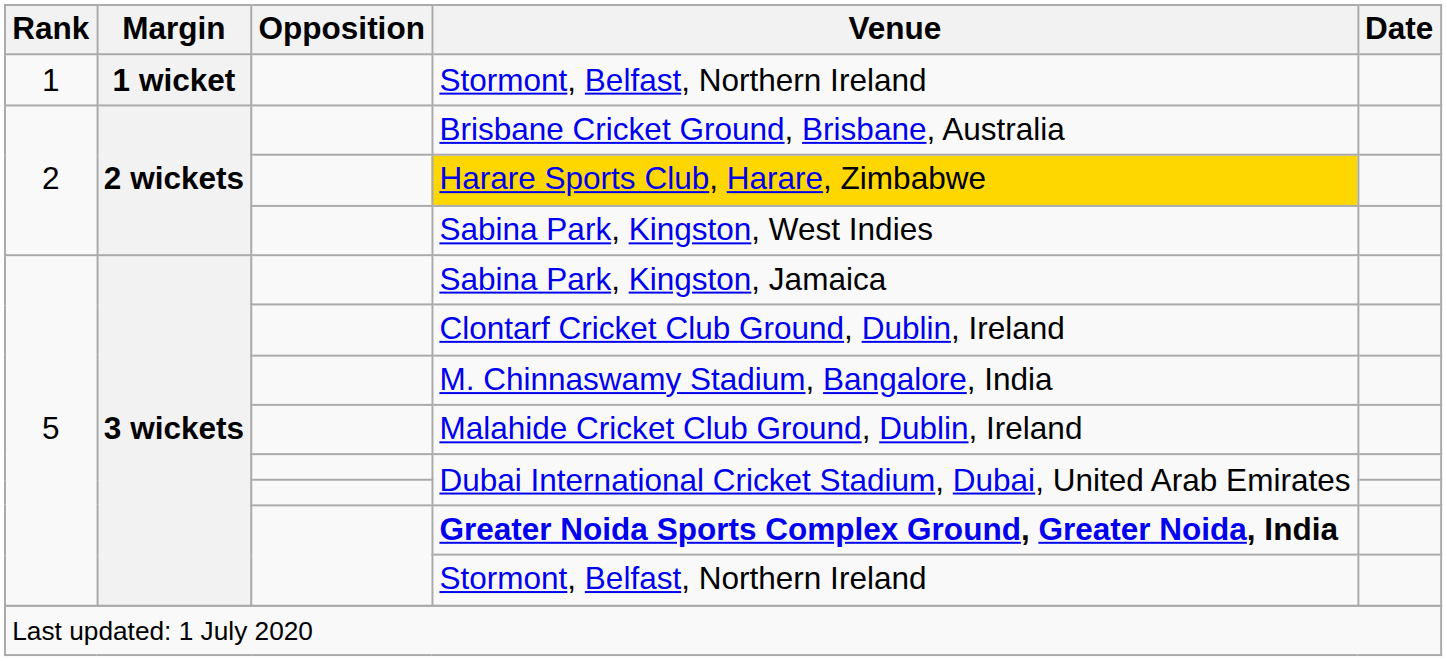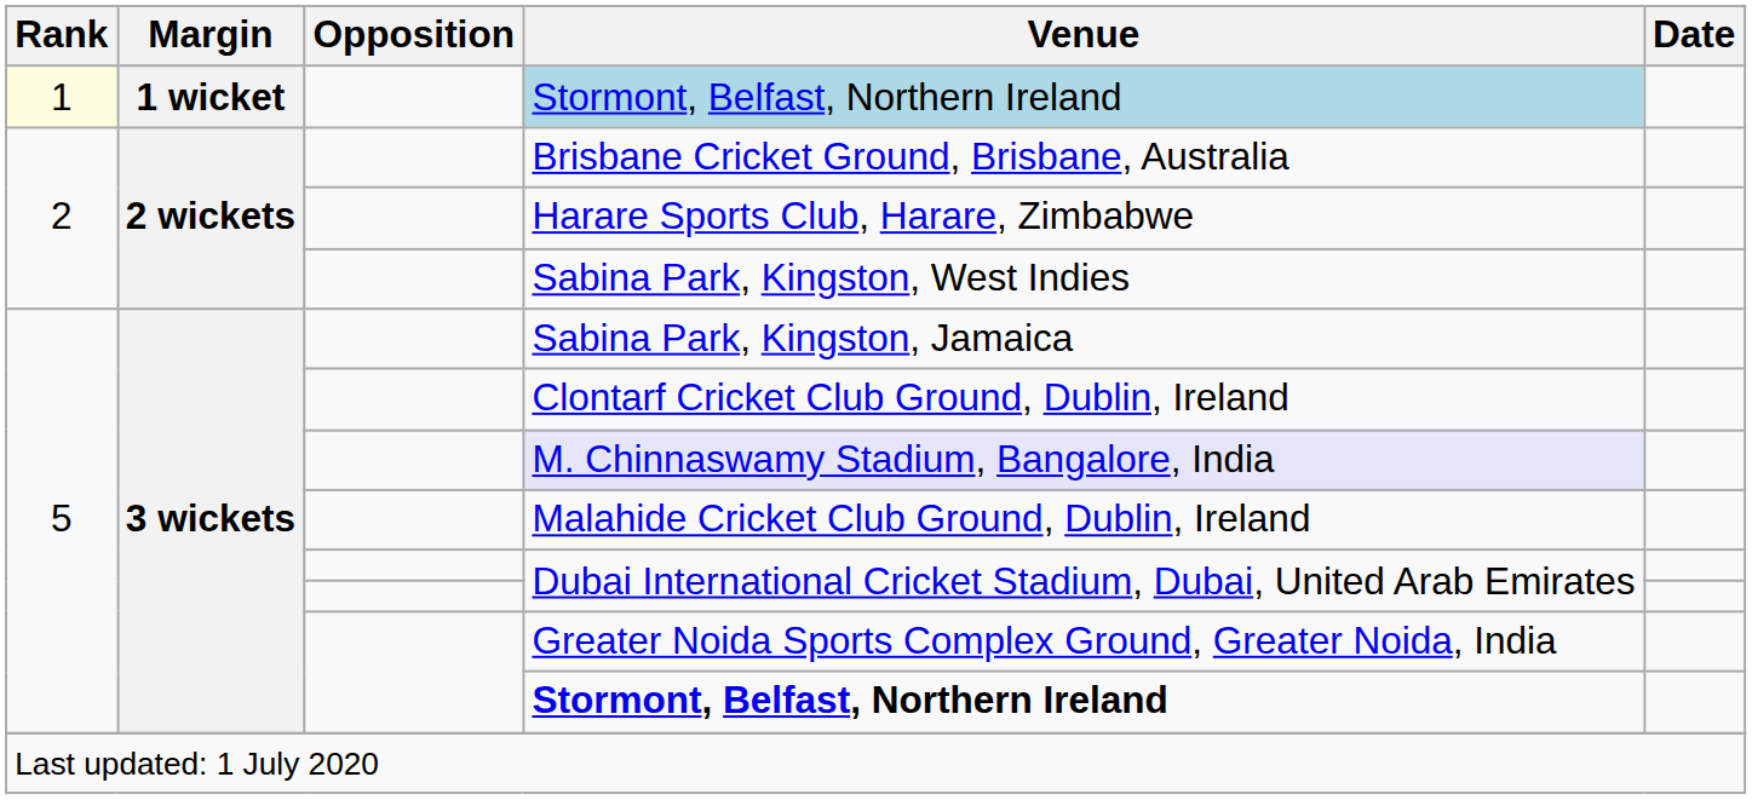 <table class="wikitable plainrowheaders sortable">
 <tr>
 <th scope=col>Rank</th>
 <th scope=col>Margin</th>
 <th scope=col>Opposition</th>
 <th scope=col>Venue</th>
 <th scope=col>Date</th>
 </tr>
 <tr>
-<td align=center>1</td>
+<td align=center style="background: lightyellow;">1</td>
 <th scope=row style=text-align:center;>1 wicket</th>
 <td></td>
-<td><a href='#'>Stormont</a>, <a href='#'>Belfast</a>, Northern Ireland</td>
+<td style="background: lightblue;"><a href='#'>Stormont</a>, <a href='#'>Belfast</a>, Northern Ireland</td>
 <td></td>
 </tr>
 <tr>
 <td align=center rowspan=3>2</td>
 <th scope=row style=text-align:center; rowspan=3>2 wickets</th>
 <td></td>
 <td><a href='#'>Brisbane Cricket Ground</a>, <a href='#'>Brisbane</a>, Australia</td>
 <td> </td>
 </tr>
 <tr>
 <td></td>
-<td style="background: gold;"><a href='#'>Harare Sports Club</a>, <a href='#'>Harare</a>, Zimbabwe</td>
+<td><a href='#'>Harare Sports Club</a>, <a href='#'>Harare</a>, Zimbabwe</td>
 <td></td>
 </tr>
 <tr>
 <td></td>
 <td><a href='#'>Sabina Park</a>, <a href='#'>Kingston</a>, West Indies</td>
 <td></td>
 </tr>
 <tr>
 <td align=center rowspan=8>5</td>
 <th scope=row style=text-align:center; rowspan=8>3 wickets</th>
 <td></td>
 <td><a href='#'>Sabina Park</a>, <a href='#'>Kingston</a>, Jamaica</td>
 <td> </td>
 </tr>
 <tr>
 <td></td>
 <td><a href='#'>Clontarf Cricket Club Ground</a>, <a href='#'>Dublin</a>, Ireland</td>
 <td></td>
 </tr>
 <tr>
 <td></td>
-<td><a href='#'>M. Chinnaswamy Stadium</a>, <a href='#'>Bangalore</a>, India</td>
+<td style="background: lavender;"><a href='#'>M. Chinnaswamy Stadium</a>, <a href='#'>Bangalore</a>, India</td>
 <td> </td>
 </tr>
 <tr>
 <td></td>
 <td><a href='#'>Malahide Cricket Club Ground</a>, <a href='#'>Dublin</a>, Ireland</td>
 <td></td>
 </tr>
 <tr>
 <td></td>
 <td rowspan=2><a href='#'>Dubai International Cricket Stadium</a>, <a href='#'>Dubai</a>, United Arab Emirates</td>
 <td></td>
 </tr>
 <tr>
 <td></td>
 <td></td>
 </tr>
 <tr>
 <td rowspan=2></td>
-<td><strong><a href='#'>Greater Noida Sports Complex Ground</a>, <a href='#'>Greater Noida</a>, India</strong></td>
+<td><a href='#'>Greater Noida Sports Complex Ground</a>, <a href='#'>Greater Noida</a>, India</td>
 <td></td>
 </tr>
 <tr>
-<td><a href='#'>Stormont</a>, <a href='#'>Belfast</a>, Northern Ireland</td>
+<td><strong><a href='#'>Stormont</a>, <a href='#'>Belfast</a>, Northern Ireland</strong></td>
 <td></td>
 </tr>
 <tr>
 </tr>
 <tr class=sortbottom>
 <td colspan=6><small>Last updated: 1 July 2020</small></td>
 </tr>
 </table>
